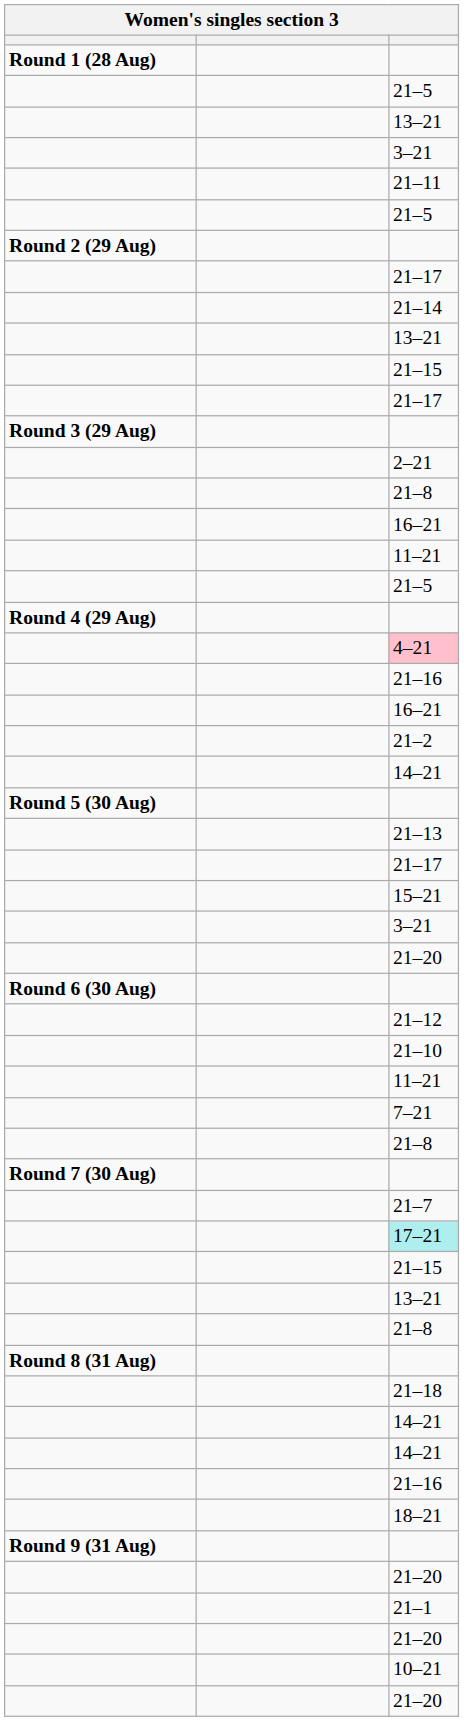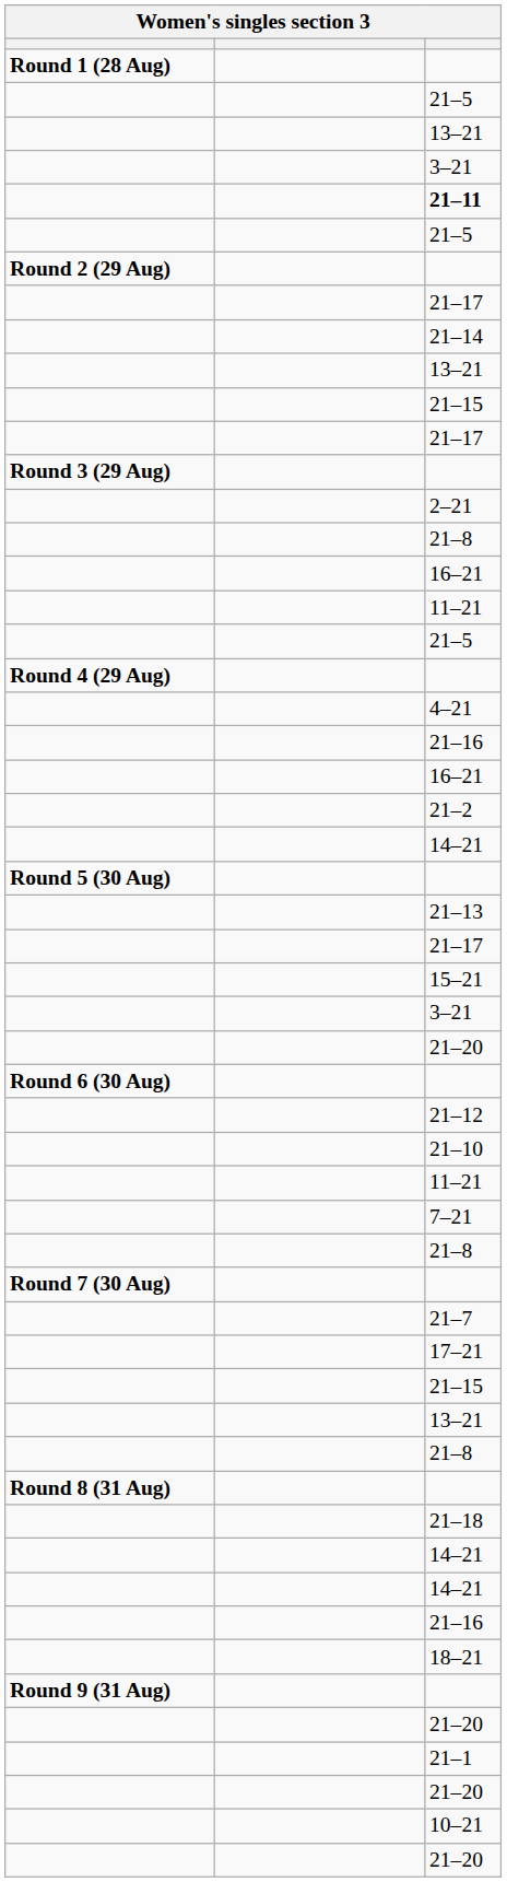 <table class="wikitable">
 <tr>
 <th colspan="3">Women's singles section 3</th>
 </tr>
 <tr>
 <th width=150></th>
 <th width=150></th>
 <th width=50></th>
 </tr>
 <tr>
 <td><strong>Round 1 (28 Aug)</strong></td>
 <td></td>
 <td></td>
 </tr>
 <tr>
 <td></td>
 <td></td>
 <td>21–5</td>
 </tr>
 <tr>
 <td></td>
 <td></td>
 <td>13–21</td>
 </tr>
 <tr>
 <td></td>
 <td></td>
 <td>3–21</td>
 </tr>
 <tr>
 <td></td>
 <td></td>
-<td>21–11</td>
+<td><strong>21–11</strong></td>
 </tr>
 <tr>
 <td></td>
 <td></td>
 <td>21–5</td>
 </tr>
 <tr>
 <td><strong>Round 2 (29 Aug)</strong></td>
 <td></td>
 <td></td>
 </tr>
 <tr>
 <td></td>
 <td></td>
 <td>21–17</td>
 </tr>
 <tr>
 <td></td>
 <td></td>
 <td>21–14</td>
 </tr>
 <tr>
 <td></td>
 <td></td>
 <td>13–21</td>
 </tr>
 <tr>
 <td></td>
 <td></td>
 <td>21–15</td>
 </tr>
 <tr>
 <td></td>
 <td></td>
 <td>21–17</td>
 </tr>
 <tr>
 <td><strong>Round 3 (29 Aug)</strong></td>
 <td></td>
 <td></td>
 </tr>
 <tr>
 <td></td>
 <td></td>
 <td>2–21</td>
 </tr>
 <tr>
 <td></td>
 <td></td>
 <td>21–8</td>
 </tr>
 <tr>
 <td></td>
 <td></td>
 <td>16–21</td>
 </tr>
 <tr>
 <td></td>
 <td></td>
 <td>11–21</td>
 </tr>
 <tr>
 <td></td>
 <td></td>
 <td>21–5</td>
 </tr>
 <tr>
 <td><strong>Round 4 (29 Aug)</strong></td>
 <td></td>
 <td></td>
 </tr>
 <tr>
 <td></td>
 <td></td>
-<td style="background: pink;">4–21</td>
+<td>4–21</td>
 </tr>
 <tr>
 <td></td>
 <td></td>
 <td>21–16</td>
 </tr>
 <tr>
 <td></td>
 <td></td>
 <td>16–21</td>
 </tr>
 <tr>
 <td></td>
 <td></td>
 <td>21–2</td>
 </tr>
 <tr>
 <td></td>
 <td></td>
 <td>14–21</td>
 </tr>
 <tr>
 <td><strong>Round 5 (30 Aug)</strong></td>
 <td></td>
 <td></td>
 </tr>
 <tr>
 <td></td>
 <td></td>
 <td>21–13</td>
 </tr>
 <tr>
 <td></td>
 <td></td>
 <td>21–17</td>
 </tr>
 <tr>
 <td></td>
 <td></td>
 <td>15–21</td>
 </tr>
 <tr>
 <td></td>
 <td></td>
 <td>3–21</td>
 </tr>
 <tr>
 <td></td>
 <td></td>
 <td>21–20</td>
 </tr>
 <tr>
 <td><strong>Round 6  (30 Aug)</strong></td>
 <td></td>
 <td></td>
 </tr>
 <tr>
 <td></td>
 <td></td>
 <td>21–12</td>
 </tr>
 <tr>
 <td></td>
 <td></td>
 <td>21–10</td>
 </tr>
 <tr>
 <td></td>
 <td></td>
 <td>11–21</td>
 </tr>
 <tr>
 <td></td>
 <td></td>
 <td>7–21</td>
 </tr>
 <tr>
 <td></td>
 <td></td>
 <td>21–8</td>
 </tr>
 <tr>
 <td><strong>Round 7 (30 Aug)</strong></td>
 <td></td>
 <td></td>
 </tr>
 <tr>
 <td></td>
 <td></td>
 <td>21–7</td>
 </tr>
 <tr>
 <td></td>
 <td></td>
-<td style="background: paleturquoise;">17–21</td>
+<td>17–21</td>
 </tr>
 <tr>
 <td></td>
 <td></td>
 <td>21–15</td>
 </tr>
 <tr>
 <td></td>
 <td></td>
 <td>13–21</td>
 </tr>
 <tr>
 <td></td>
 <td></td>
 <td>21–8</td>
 </tr>
 <tr>
 <td><strong>Round 8 (31 Aug)</strong></td>
 <td></td>
 <td></td>
 </tr>
 <tr>
 <td></td>
 <td></td>
 <td>21–18</td>
 </tr>
 <tr>
 <td></td>
 <td></td>
 <td>14–21</td>
 </tr>
 <tr>
 <td></td>
 <td></td>
 <td>14–21</td>
 </tr>
 <tr>
 <td></td>
 <td></td>
 <td>21–16</td>
 </tr>
 <tr>
 <td></td>
 <td></td>
 <td>18–21</td>
 </tr>
 <tr>
 <td><strong>Round 9 (31 Aug)</strong></td>
 <td></td>
 <td></td>
 </tr>
 <tr>
 <td></td>
 <td></td>
 <td>21–20</td>
 </tr>
 <tr>
 <td></td>
 <td></td>
 <td>21–1</td>
 </tr>
 <tr>
 <td></td>
 <td></td>
 <td>21–20</td>
 </tr>
 <tr>
 <td></td>
 <td></td>
 <td>10–21</td>
 </tr>
 <tr>
 <td></td>
 <td></td>
 <td>21–20</td>
 </tr>
 </table>
